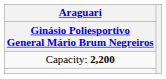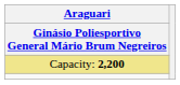 <table class="wikitable" style="text-align:center";>
 <tr>
 <th><a href='#'>Araguari</a></th>
 <th rowspan=4></th>
 </tr>
 <tr>
 <th><a href='#'>Ginásio Poliesportivo<br>General Mário Brum Negreiros</a></th>
 </tr>
 <tr>
-<td>Capacity: <strong>2,200</strong></td>
+<td style="background: khaki;">Capacity: <strong>2,200</strong></td>
 </tr>
 <tr>
 <td></td>
 </tr>
 </table>
